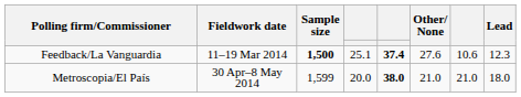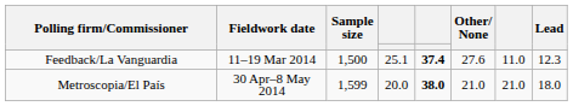 <table class="wikitable collapsible collapsed" style="text-align:center; font-size:90%; line-height:14px;">
 <tr style="height:42px;">
 <th style="width:250px;" rowspan="2">Polling firm/Commissioner</th>
 <th style="width:125px;" rowspan="2">Fieldwork date</th>
 <th style="width:50px;" rowspan="2">Sample size</th>
 <th style="width:35px;"></th>
 <th style="width:35px;"></th>
 <th style="width:35px;" rowspan="2">Other/<br>None</th>
 <th style="width:35px;" rowspan="2"></th>
 <th style="width:30px;" rowspan="2">Lead</th>
 </tr>
 <tr>
 <th style="color:inherit;background:"></th>
 <th style="color:inherit;background:"></th>
 </tr>
 <tr>
 <td>Feedback/La Vanguardia</td>
 <td>11–19 Mar 2014</td>
-<td><strong>1,500</strong></td>
+<td>1,500</td>
 <td>25.1</td>
 <td><strong>37.4</strong></td>
 <td>27.6</td>
-<td>10.6</td>
+<td>11.0</td>
 <td style="background:">12.3</td>
 </tr>
 <tr>
 <td>Metroscopia/El País</td>
 <td>30 Apr–8 May 2014</td>
 <td>1,599</td>
 <td>20.0</td>
 <td><strong>38.0</strong></td>
 <td>21.0</td>
 <td>21.0</td>
 <td style="background:">18.0</td>
 </tr>
 </table>
